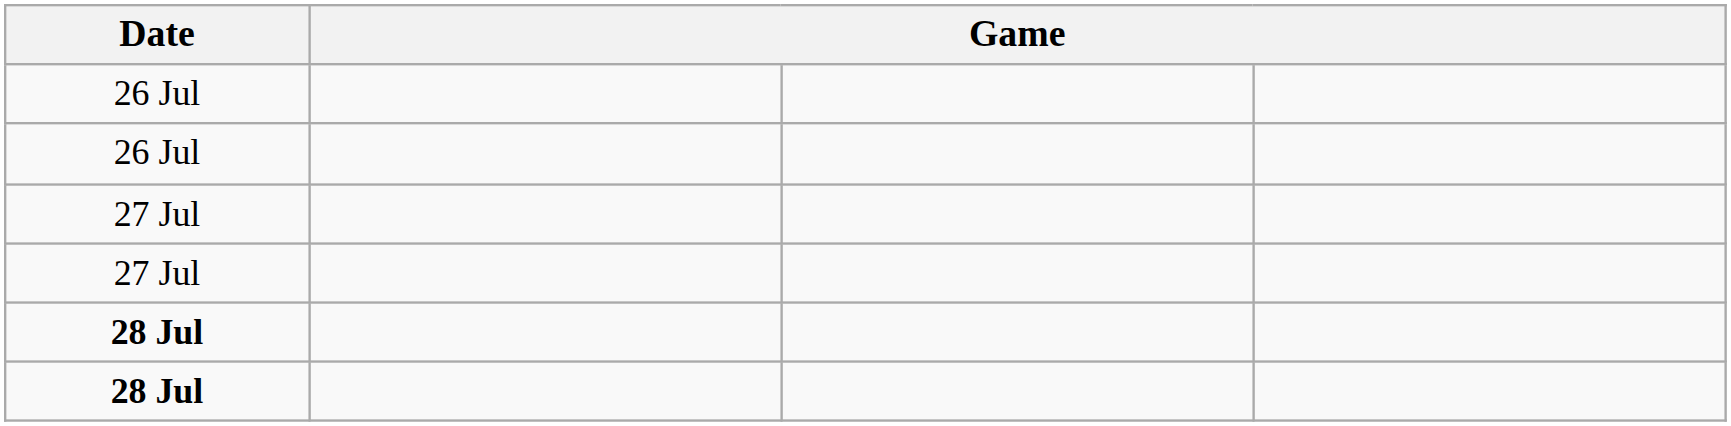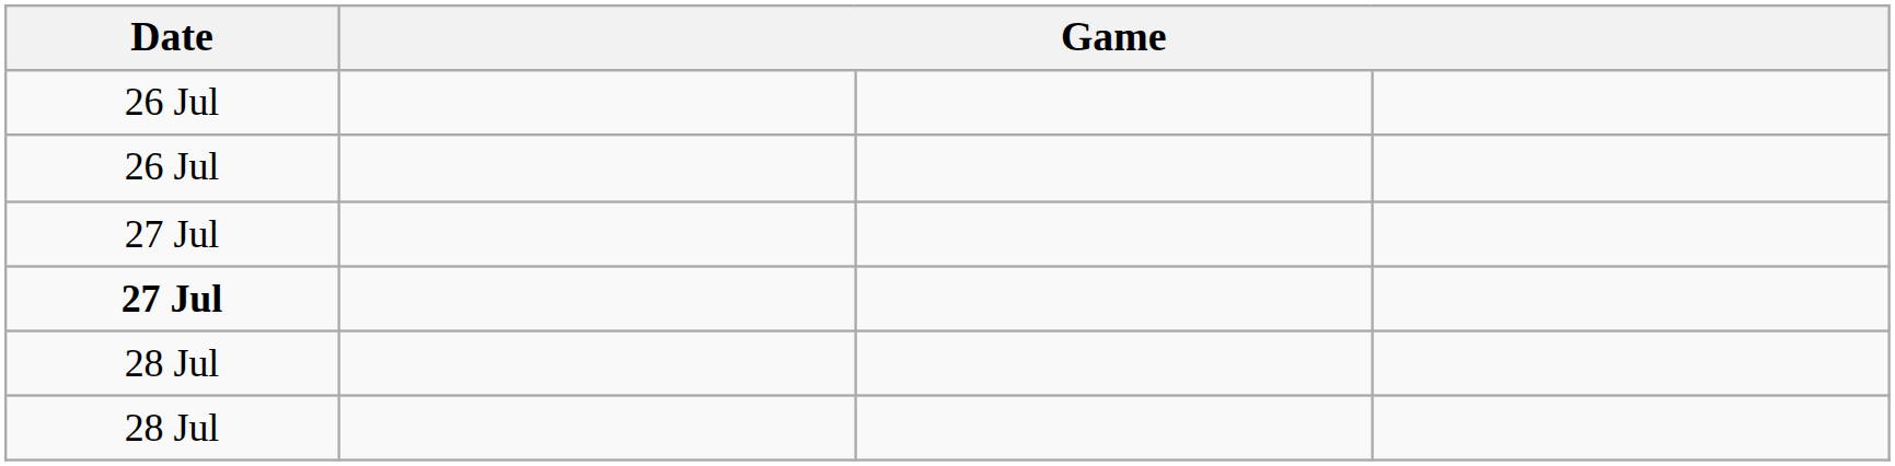 <table width=730 class="wikitable">
 <tr>
 <th width=15%>Date</th>
 <th width=70% colspan=3>Game</th>
 </tr>
 <tr style=font-size:95%>
 <td align=center>26 Jul</td>
 <td align=center><strong></strong></td>
 <td></td>
 <td></td>
 </tr>
 <tr style=font-size:95%>
 <td align=center>26 Jul</td>
 <td align=center><strong></strong></td>
 <td></td>
 <td></td>
 </tr>
 <tr style=font-size:95%>
 <td align=center>27 Jul</td>
 <td align=center><strong></strong></td>
 <td></td>
 <td></td>
 </tr>
 <tr style=font-size:95%>
-<td align=center>27 Jul</td>
+<td align=center><strong>27 Jul</strong></td>
 <td align=center><strong></strong></td>
 <td></td>
 <td></td>
 </tr>
 <tr style=font-size:95%>
-<td align=center><strong>28 Jul</strong></td>
+<td align=center>28 Jul</td>
 <td align=center><strong></strong></td>
 <td></td>
 <td></td>
 </tr>
 <tr style=font-size:95%>
-<td align=center><strong>28 Jul</strong></td>
+<td align=center>28 Jul</td>
 <td align=center><strong></strong></td>
 <td></td>
 <td></td>
 </tr>
 </table>
